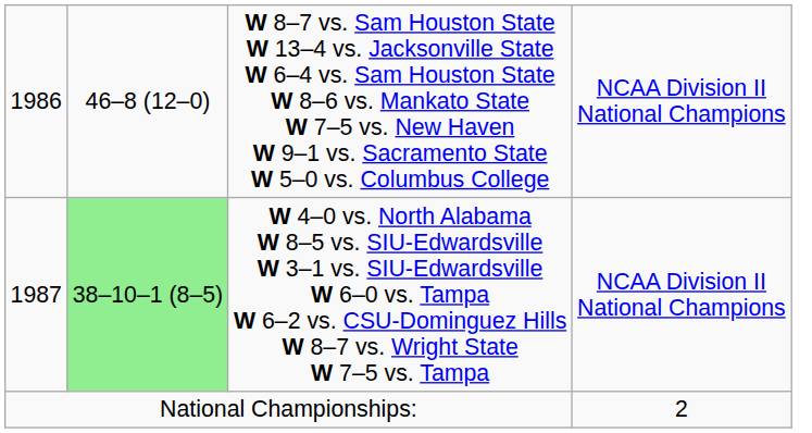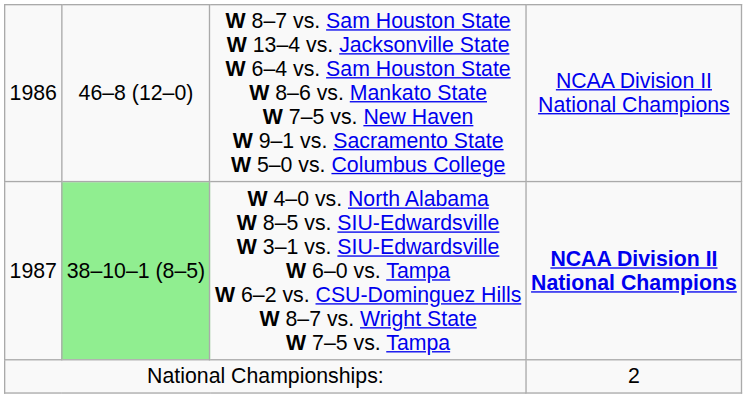 <table class="wikitable" style="text-align:center">
 <tr>
 <td>1986</td>
 <td>46–8 (12–0)</td>
 <td><strong>W</strong> 8–7 vs. <a href='#'>Sam Houston State</a><br><strong>W</strong> 13–4 vs. <a href='#'>Jacksonville State</a><br><strong>W</strong> 6–4 vs. <a href='#'>Sam Houston State</a><br><strong>W</strong> 8–6 vs. <a href='#'>Mankato State</a><br><strong>W</strong> 7–5 vs. <a href='#'>New Haven</a><br><strong>W</strong> 9–1 vs. <a href='#'>Sacramento State</a><br><strong>W</strong> 5–0 vs. <a href='#'>Columbus College</a></td>
 <td><a href='#'>NCAA Division II</a><br><a href='#'>National Champions</a></td>
 </tr>
 <tr>
 <td>1987</td>
 <td style="background: lightgreen;">38–10–1 (8–5)</td>
 <td><strong>W</strong> 4–0 vs. <a href='#'>North Alabama</a><br><strong>W</strong> 8–5 vs. <a href='#'>SIU-Edwardsville</a><br><strong>W</strong> 3–1 vs. <a href='#'>SIU-Edwardsville</a><br><strong>W</strong> 6–0 vs. <a href='#'>Tampa</a><br><strong>W</strong> 6–2 vs. <a href='#'>CSU-Dominguez Hills</a><br><strong>W</strong> 8–7 vs. <a href='#'>Wright State</a><br><strong>W</strong> 7–5 vs. <a href='#'>Tampa</a></td>
-<td><a href='#'>NCAA Division II</a><br><a href='#'>National Champions</a></td>
+<td><strong><a href='#'>NCAA Division II</a><br><a href='#'>National Champions</a></strong></td>
 </tr>
 <tr>
 <td colspan=3>National Championships:</td>
 <td>2</td>
 </tr>
 </table>
